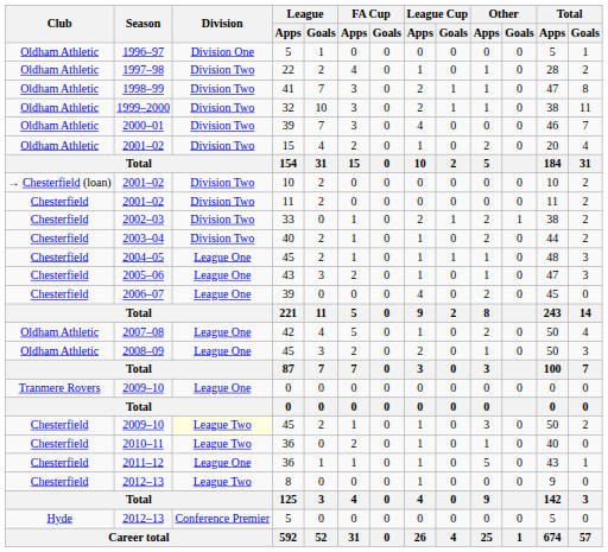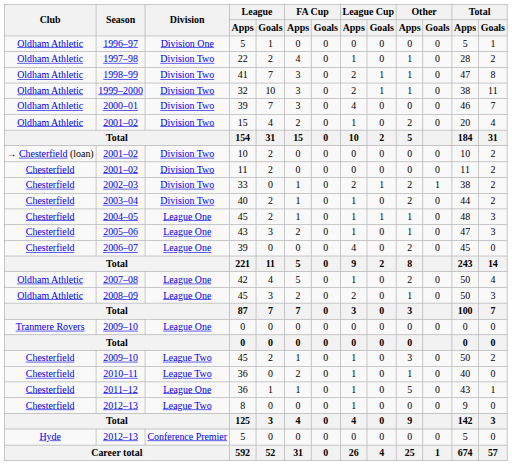 <table class="wikitable" style="text-align:center;">
 <tr>
 <th rowspan="2">Club</th>
 <th rowspan="2">Season</th>
 <th rowspan="2">Division</th>
 <th colspan="2">League</th>
 <th colspan="2">FA Cup</th>
 <th colspan="2">League Cup</th>
 <th colspan="2">Other</th>
 <th colspan="2">Total</th>
 </tr>
 <tr>
 <th>Apps</th>
 <th>Goals</th>
 <th>Apps</th>
 <th>Goals</th>
 <th>Apps</th>
 <th>Goals</th>
 <th>Apps</th>
 <th>Goals</th>
 <th>Apps</th>
 <th>Goals</th>
 </tr>
 <tr>
 <td><a href='#'>Oldham Athletic</a></td>
 <td><a href='#'>1996–97</a></td>
 <td><a href='#'>Division One</a></td>
 <td>5</td>
 <td>1</td>
 <td>0</td>
 <td>0</td>
 <td>0</td>
 <td>0</td>
 <td>0</td>
 <td>0</td>
 <td>5</td>
 <td>1</td>
 </tr>
 <tr>
 <td><a href='#'>Oldham Athletic</a></td>
 <td><a href='#'>1997–98</a></td>
 <td><a href='#'>Division Two</a></td>
 <td>22</td>
 <td>2</td>
 <td>4</td>
 <td>0</td>
 <td>1</td>
 <td>0</td>
 <td>1</td>
 <td>0</td>
 <td>28</td>
 <td>2</td>
 </tr>
 <tr>
 <td><a href='#'>Oldham Athletic</a></td>
 <td><a href='#'>1998–99</a></td>
 <td><a href='#'>Division Two</a></td>
 <td>41</td>
 <td>7</td>
 <td>3</td>
 <td>0</td>
 <td>2</td>
 <td>1</td>
 <td>1</td>
 <td>0</td>
 <td>47</td>
 <td>8</td>
 </tr>
 <tr>
 <td><a href='#'>Oldham Athletic</a></td>
 <td><a href='#'>1999–2000</a></td>
 <td><a href='#'>Division Two</a></td>
 <td>32</td>
 <td>10</td>
 <td>3</td>
 <td>0</td>
 <td>2</td>
 <td>1</td>
 <td>1</td>
 <td>0</td>
 <td>38</td>
 <td>11</td>
 </tr>
 <tr>
 <td><a href='#'>Oldham Athletic</a></td>
 <td><a href='#'>2000–01</a></td>
 <td><a href='#'>Division Two</a></td>
 <td>39</td>
 <td>7</td>
 <td>3</td>
 <td>0</td>
 <td>4</td>
 <td>0</td>
 <td>0</td>
 <td>0</td>
 <td>46</td>
 <td>7</td>
 </tr>
 <tr>
 <td><a href='#'>Oldham Athletic</a></td>
 <td><a href='#'>2001–02</a></td>
 <td><a href='#'>Division Two</a></td>
 <td>15</td>
 <td>4</td>
 <td>2</td>
 <td>0</td>
 <td>1</td>
 <td>0</td>
 <td>2</td>
 <td>0</td>
 <td>20</td>
 <td>4</td>
 </tr>
 <tr>
 <th colspan="3">Total</th>
 <th>154</th>
 <th>31</th>
 <th>15</th>
 <th>0</th>
 <th>10</th>
 <th>2</th>
 <th>5</th>
 <th 0></th>
 <th>184</th>
 <th>31</th>
 </tr>
 <tr>
 <td>→ <a href='#'>Chesterfield</a> (loan)</td>
 <td><a href='#'>2001–02</a></td>
 <td><a href='#'>Division Two</a></td>
 <td>10</td>
 <td>2</td>
 <td>0</td>
 <td>0</td>
 <td>0</td>
 <td>0</td>
 <td>0</td>
 <td>0</td>
 <td>10</td>
 <td>2</td>
 </tr>
 <tr>
 <td><a href='#'>Chesterfield</a></td>
 <td><a href='#'>2001–02</a></td>
 <td><a href='#'>Division Two</a></td>
 <td>11</td>
 <td>2</td>
 <td>0</td>
 <td>0</td>
 <td>0</td>
 <td>0</td>
 <td>0</td>
 <td>0</td>
 <td>11</td>
 <td>2</td>
 </tr>
 <tr>
 <td><a href='#'>Chesterfield</a></td>
 <td><a href='#'>2002–03</a></td>
 <td><a href='#'>Division Two</a></td>
 <td>33</td>
 <td>0</td>
 <td>1</td>
 <td>0</td>
 <td>2</td>
 <td>1</td>
 <td>2</td>
 <td>1</td>
 <td>38</td>
 <td>2</td>
 </tr>
 <tr>
 <td><a href='#'>Chesterfield</a></td>
 <td><a href='#'>2003–04</a></td>
 <td><a href='#'>Division Two</a></td>
 <td>40</td>
 <td>2</td>
 <td>1</td>
 <td>0</td>
 <td>1</td>
 <td>0</td>
 <td>2</td>
 <td>0</td>
 <td>44</td>
 <td>2</td>
 </tr>
 <tr>
 <td><a href='#'>Chesterfield</a></td>
 <td><a href='#'>2004–05</a></td>
 <td><a href='#'>League One</a></td>
 <td>45</td>
 <td>2</td>
 <td>1</td>
 <td>0</td>
 <td>1</td>
 <td>1</td>
 <td>1</td>
 <td>0</td>
 <td>48</td>
 <td>3</td>
 </tr>
 <tr>
 <td><a href='#'>Chesterfield</a></td>
 <td><a href='#'>2005–06</a></td>
 <td><a href='#'>League One</a></td>
 <td>43</td>
 <td>3</td>
 <td>2</td>
 <td>0</td>
 <td>1</td>
 <td>0</td>
 <td>1</td>
 <td>0</td>
 <td>47</td>
 <td>3</td>
 </tr>
 <tr>
 <td><a href='#'>Chesterfield</a></td>
 <td><a href='#'>2006–07</a></td>
 <td><a href='#'>League One</a></td>
 <td>39</td>
 <td>0</td>
 <td>0</td>
 <td>0</td>
 <td>4</td>
 <td>0</td>
 <td>2</td>
 <td>0</td>
 <td>45</td>
 <td>0</td>
 </tr>
 <tr>
 <th colspan="3">Total</th>
 <th>221</th>
 <th>11</th>
 <th>5</th>
 <th>0</th>
 <th>9</th>
 <th>2</th>
 <th>8</th>
 <th 1></th>
 <th>243</th>
 <th>14</th>
 </tr>
 <tr>
 <td><a href='#'>Oldham Athletic</a></td>
 <td><a href='#'>2007–08</a></td>
 <td><a href='#'>League One</a></td>
 <td>42</td>
 <td>4</td>
 <td>5</td>
 <td>0</td>
 <td>1</td>
 <td>0</td>
 <td>2</td>
 <td>0</td>
 <td>50</td>
 <td>4</td>
 </tr>
 <tr>
 <td><a href='#'>Oldham Athletic</a></td>
 <td><a href='#'>2008–09</a></td>
 <td><a href='#'>League One</a></td>
 <td>45</td>
 <td>3</td>
 <td>2</td>
 <td>0</td>
 <td>2</td>
 <td>0</td>
 <td>1</td>
 <td>0</td>
 <td>50</td>
 <td>3</td>
 </tr>
 <tr>
 <th colspan="3">Total</th>
 <th>87</th>
 <th>7</th>
 <th>7</th>
 <th>0</th>
 <th>3</th>
 <th>0</th>
 <th>3</th>
 <th 0></th>
 <th>100</th>
 <th>7</th>
 </tr>
 <tr>
 <td><a href='#'>Tranmere Rovers</a></td>
 <td><a href='#'>2009–10</a></td>
 <td><a href='#'>League One</a></td>
 <td>0</td>
 <td>0</td>
 <td>0</td>
 <td>0</td>
 <td>0</td>
 <td>0</td>
 <td>0</td>
 <td>0</td>
 <td>0</td>
 <td>0</td>
 </tr>
 <tr>
 <th colspan="3">Total</th>
 <th>0</th>
 <th>0</th>
 <th>0</th>
 <th>0</th>
 <th>0</th>
 <th>0</th>
 <th>0</th>
 <th 0></th>
 <th>0</th>
 <th>0</th>
 </tr>
 <tr>
 <td><a href='#'>Chesterfield</a></td>
 <td><a href='#'>2009–10</a></td>
-<td style="background: lightyellow;"><a href='#'>League Two</a></td>
+<td><a href='#'>League Two</a></td>
 <td>45</td>
 <td>2</td>
 <td>1</td>
 <td>0</td>
 <td>1</td>
 <td>0</td>
 <td>3</td>
 <td>0</td>
 <td>50</td>
 <td>2</td>
 </tr>
 <tr>
 <td><a href='#'>Chesterfield</a></td>
 <td><a href='#'>2010–11</a></td>
 <td><a href='#'>League Two</a></td>
 <td>36</td>
 <td>0</td>
 <td>2</td>
 <td>0</td>
 <td>1</td>
 <td>0</td>
 <td>1</td>
 <td>0</td>
 <td>40</td>
 <td>0</td>
 </tr>
 <tr>
 <td><a href='#'>Chesterfield</a></td>
 <td><a href='#'>2011–12</a></td>
 <td><a href='#'>League One</a></td>
 <td>36</td>
 <td>1</td>
 <td>1</td>
 <td>0</td>
 <td>1</td>
 <td>0</td>
 <td>5</td>
 <td>0</td>
 <td>43</td>
 <td>1</td>
 </tr>
 <tr>
 <td><a href='#'>Chesterfield</a></td>
 <td><a href='#'>2012–13</a></td>
 <td><a href='#'>League Two</a></td>
 <td>8</td>
 <td>0</td>
 <td>0</td>
 <td>0</td>
 <td>1</td>
 <td>0</td>
 <td>0</td>
 <td>0</td>
 <td>9</td>
 <td>0</td>
 </tr>
 <tr>
 <th colspan="3">Total</th>
 <th>125</th>
 <th>3</th>
 <th>4</th>
 <th>0</th>
 <th>4</th>
 <th>0</th>
 <th>9</th>
 <th 0></th>
 <th>142</th>
 <th>3</th>
 </tr>
 <tr>
 <td><a href='#'>Hyde</a></td>
 <td><a href='#'>2012–13</a></td>
 <td><a href='#'>Conference Premier</a></td>
 <td>5</td>
 <td>0</td>
 <td>0</td>
 <td>0</td>
 <td>0</td>
 <td>0</td>
 <td>0</td>
 <td>0</td>
 <td>5</td>
 <td>0</td>
 </tr>
 <tr>
 <th colspan="3">Career total</th>
 <th>592</th>
 <th>52</th>
 <th>31</th>
 <th>0</th>
 <th>26</th>
 <th>4</th>
 <th>25</th>
 <th>1</th>
 <th>674</th>
 <th>57</th>
 </tr>
 </table>
